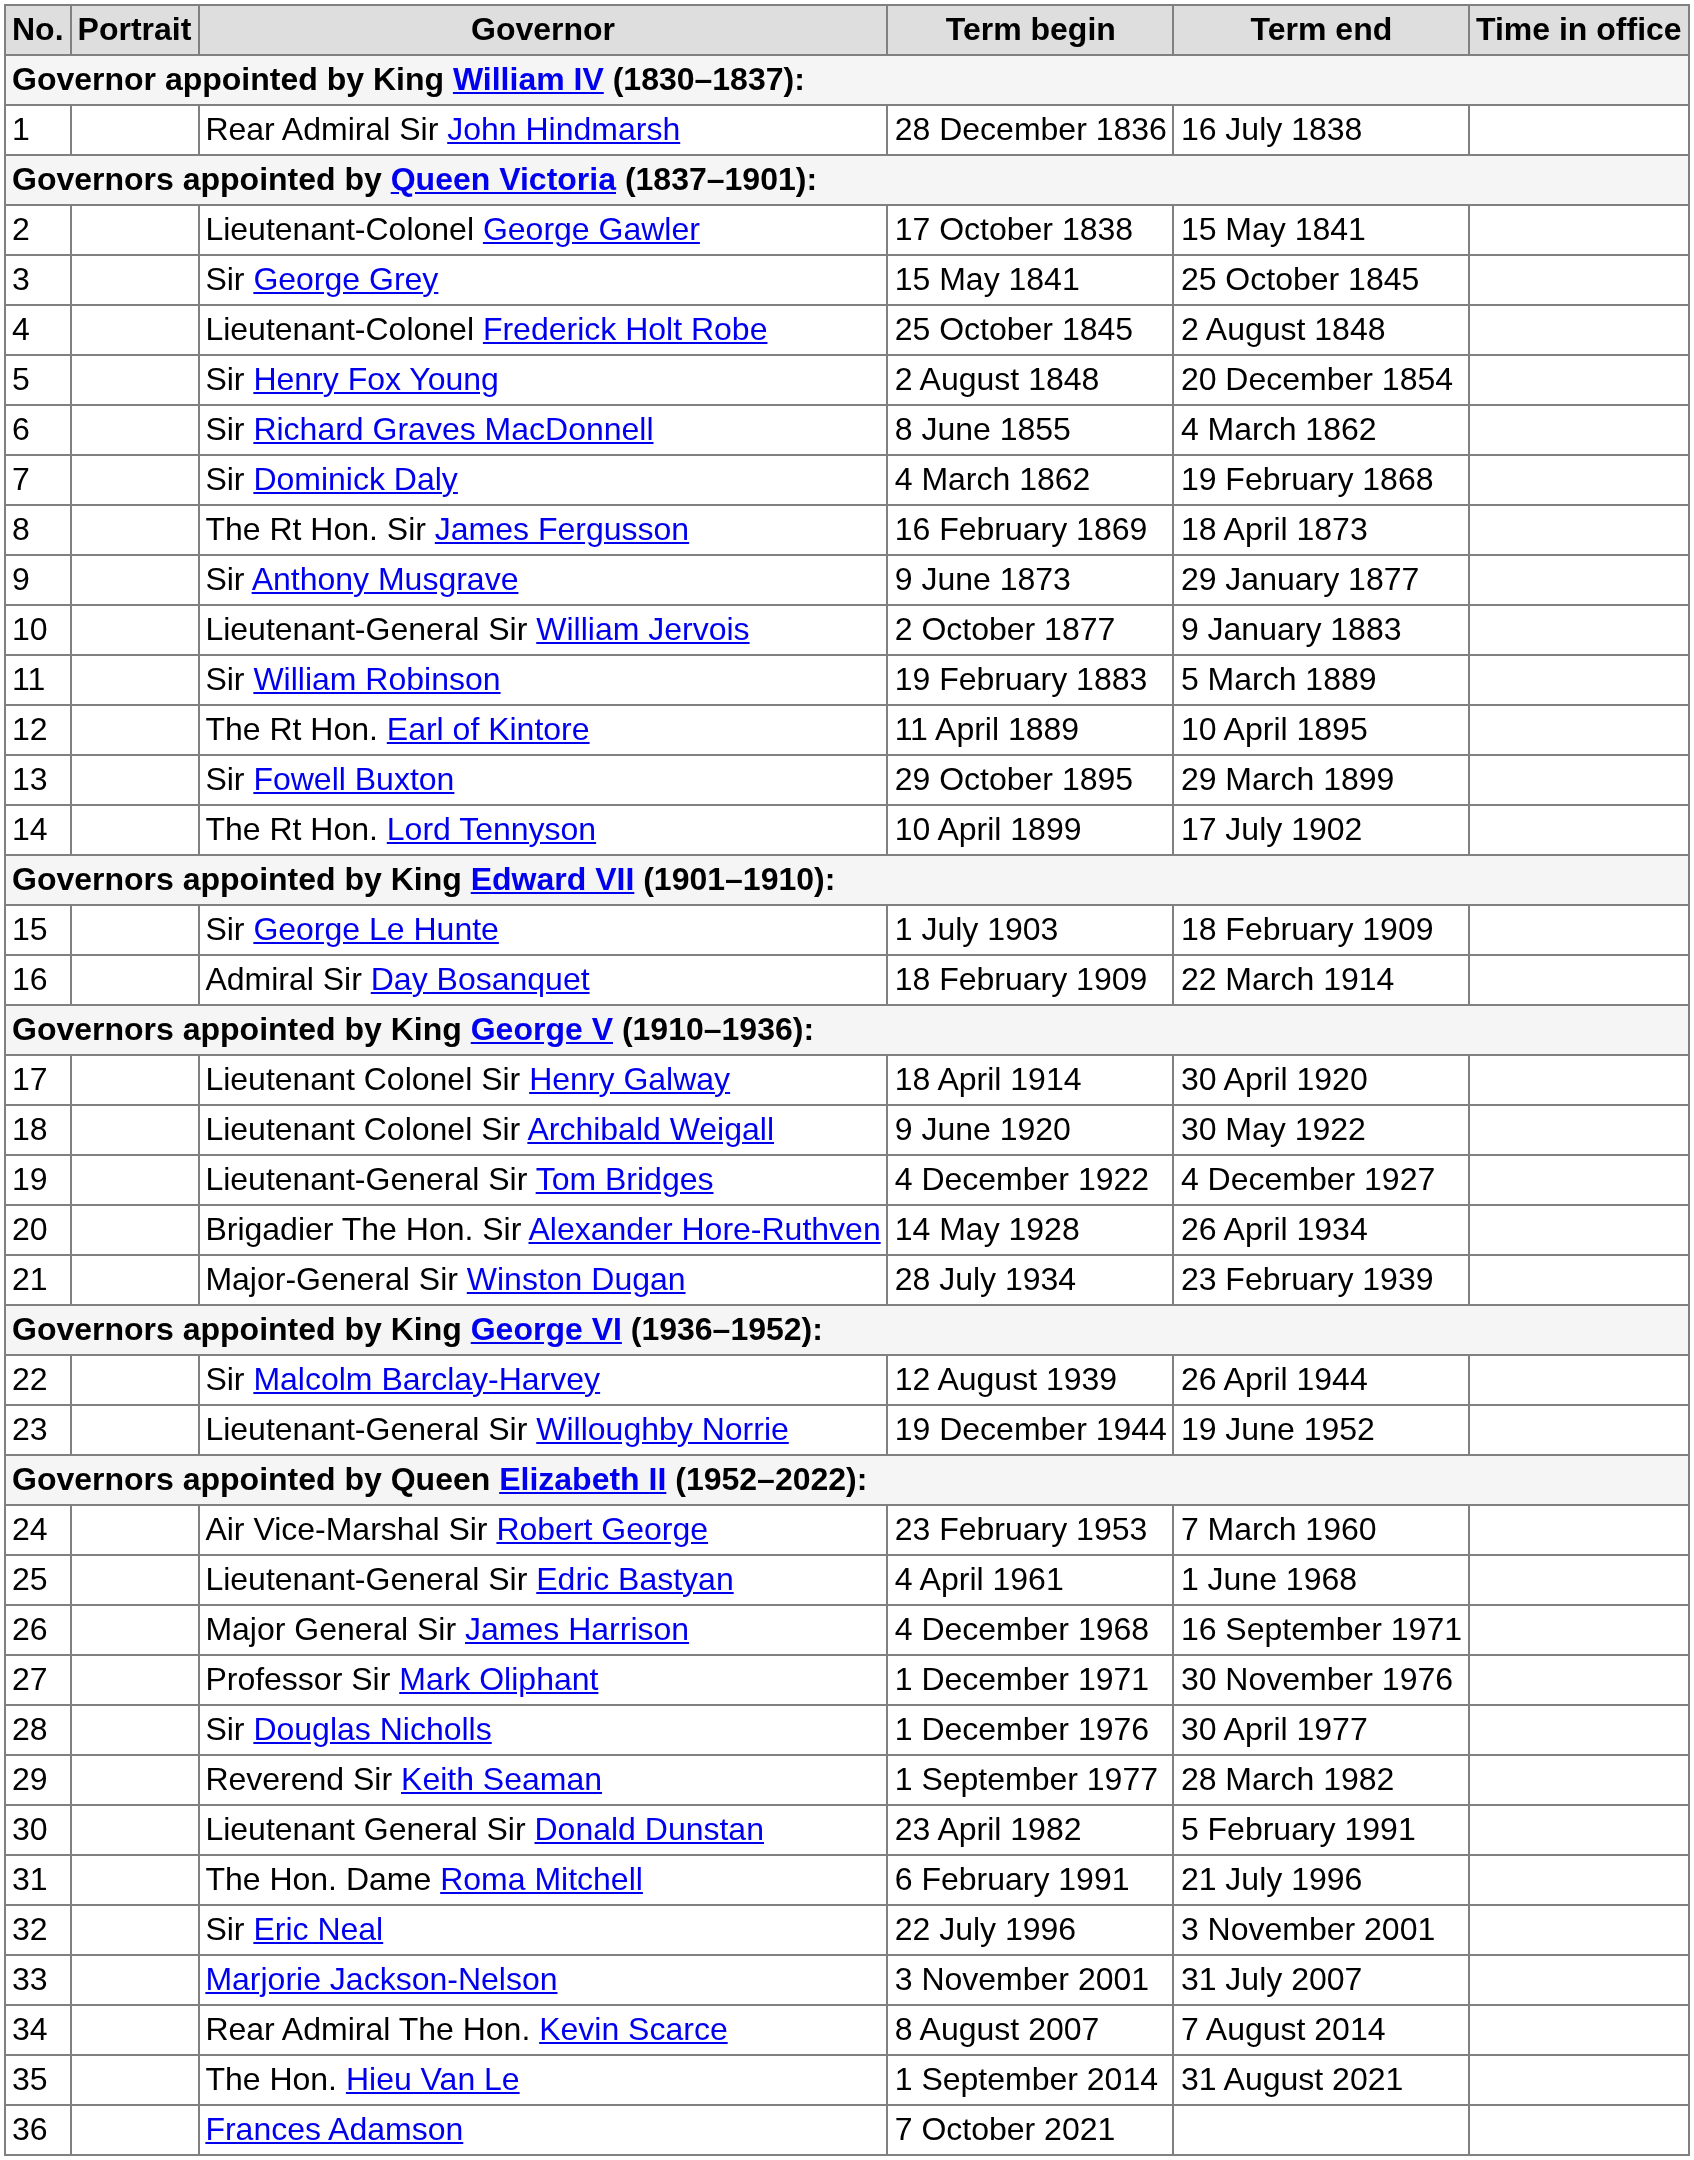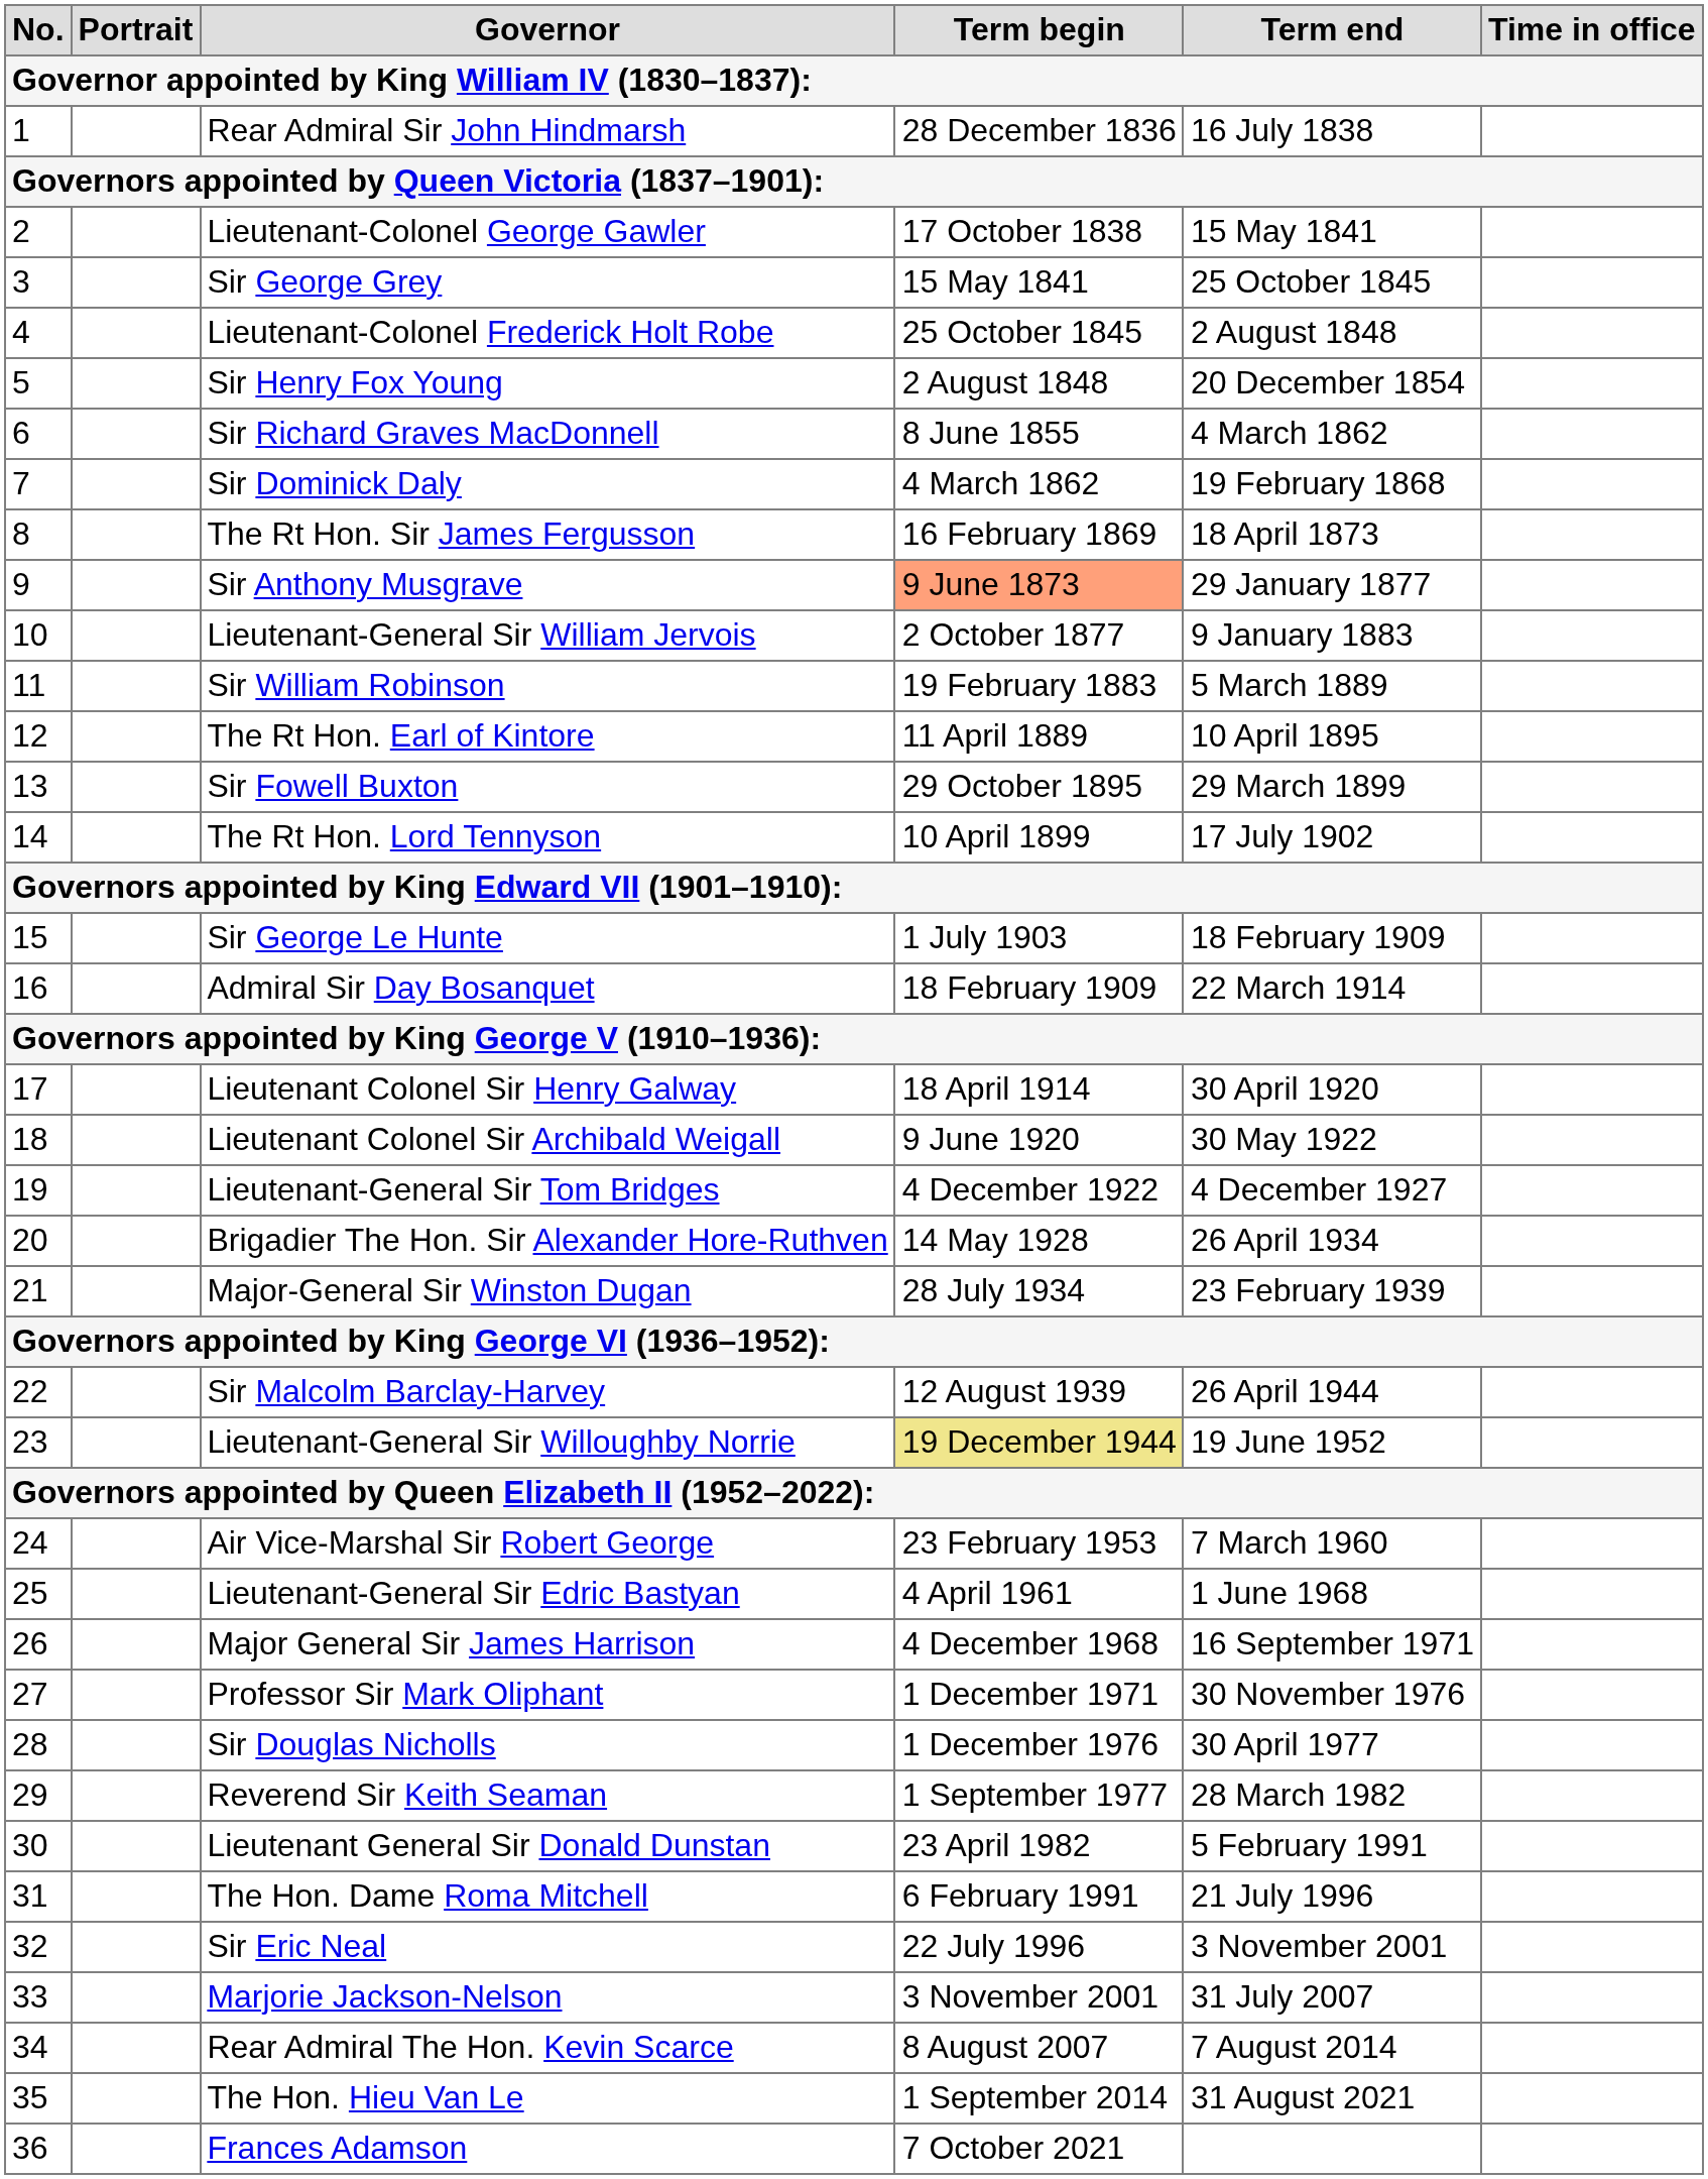 <table border="1" cellpadding="3" style="border-collapse:collapse;">
 <tr bgcolor=#dedede>
 <th>No.</th>
 <th>Portrait</th>
 <th>Governor</th>
 <th>Term begin</th>
 <th>Term end</th>
 <th>Time in office</th>
 </tr>
 <tr bgcolor="#F5F5F5">
 <th colspan="9" align="left"><span>Governor appointed by King <a href='#'>William IV</a> (1830–1837):</span></th>
 </tr>
 <tr>
 <td>1</td>
 <td></td>
 <td>Rear Admiral Sir <a href='#'>John Hindmarsh</a> </td>
 <td>28 December 1836</td>
 <td>16 July 1838</td>
 <td></td>
 </tr>
 <tr>
 </tr>
 <tr bgcolor="#F5F5F5">
 <th colspan="9" align="left"><span>Governors appointed by <a href='#'>Queen Victoria</a> (1837–1901):</span></th>
 </tr>
 <tr>
 <td>2</td>
 <td></td>
 <td>Lieutenant-Colonel <a href='#'>George Gawler</a> </td>
 <td>17 October 1838</td>
 <td>15 May 1841</td>
 <td></td>
 </tr>
 <tr>
 <td>3</td>
 <td></td>
 <td>Sir <a href='#'>George Grey</a> </td>
 <td>15 May 1841</td>
 <td>25 October 1845</td>
 <td></td>
 </tr>
 <tr>
 <td>4</td>
 <td></td>
 <td>Lieutenant-Colonel <a href='#'>Frederick Holt Robe</a></td>
 <td>25 October 1845</td>
 <td>2 August 1848</td>
 <td></td>
 </tr>
 <tr>
 <td>5</td>
 <td></td>
 <td>Sir <a href='#'>Henry Fox Young</a> </td>
 <td>2 August 1848</td>
 <td>20 December 1854</td>
 <td></td>
 </tr>
 <tr>
 <td>6</td>
 <td></td>
 <td>Sir <a href='#'>Richard Graves MacDonnell</a> </td>
 <td>8 June 1855</td>
 <td>4 March 1862</td>
 <td></td>
 </tr>
 <tr>
 <td>7</td>
 <td></td>
 <td>Sir <a href='#'>Dominick Daly</a></td>
 <td>4 March 1862</td>
 <td>19 February 1868</td>
 <td></td>
 </tr>
 <tr>
 <td>8</td>
 <td></td>
 <td>The Rt Hon. Sir <a href='#'>James Fergusson</a>  </td>
 <td>16 February 1869</td>
 <td>18 April 1873</td>
 <td></td>
 </tr>
 <tr>
 <td>9</td>
 <td></td>
 <td>Sir <a href='#'>Anthony Musgrave</a> </td>
-<td>9 June 1873</td>
+<td style="background: lightsalmon;">9 June 1873</td>
 <td>29 January 1877</td>
 <td></td>
 </tr>
 <tr>
 <td>10</td>
 <td></td>
 <td>Lieutenant-General Sir <a href='#'>William Jervois</a> </td>
 <td>2 October 1877</td>
 <td>9 January 1883</td>
 <td></td>
 </tr>
 <tr>
 <td>11</td>
 <td></td>
 <td>Sir <a href='#'>William Robinson</a> </td>
 <td>19 February 1883</td>
 <td>5 March 1889</td>
 <td></td>
 </tr>
 <tr>
 <td>12</td>
 <td></td>
 <td>The Rt Hon. <a href='#'>Earl of Kintore</a> </td>
 <td>11 April 1889</td>
 <td>10 April 1895</td>
 <td></td>
 </tr>
 <tr>
 <td>13</td>
 <td></td>
 <td>Sir <a href='#'>Fowell Buxton</a> </td>
 <td>29 October 1895</td>
 <td>29 March 1899</td>
 <td></td>
 </tr>
 <tr>
 <td>14</td>
 <td></td>
 <td>The Rt Hon. <a href='#'>Lord Tennyson</a> </td>
 <td>10 April 1899</td>
 <td>17 July 1902</td>
 <td></td>
 </tr>
 <tr>
 </tr>
 <tr bgcolor="#F5F5F5">
 <th colspan="9" align="left"><span>Governors appointed by King <a href='#'>Edward VII</a> (1901–1910):</span></th>
 </tr>
 <tr>
 <td>15</td>
 <td></td>
 <td>Sir <a href='#'>George Le Hunte</a> </td>
 <td>1 July 1903</td>
 <td>18 February 1909</td>
 <td></td>
 </tr>
 <tr>
 <td>16</td>
 <td></td>
 <td>Admiral Sir <a href='#'>Day Bosanquet</a> </td>
 <td>18 February 1909</td>
 <td>22 March 1914</td>
 <td></td>
 </tr>
 <tr>
 </tr>
 <tr bgcolor="#F5F5F5">
 <th colspan="9" align="left"><span>Governors appointed by King <a href='#'>George V</a> (1910–1936):</span></th>
 </tr>
 <tr>
 <td>17</td>
 <td></td>
 <td>Lieutenant Colonel Sir <a href='#'>Henry Galway</a> </td>
 <td>18 April 1914</td>
 <td>30 April 1920</td>
 <td></td>
 </tr>
 <tr>
 <td>18</td>
 <td></td>
 <td>Lieutenant Colonel Sir <a href='#'>Archibald Weigall</a> </td>
 <td>9 June 1920</td>
 <td>30 May 1922</td>
 <td></td>
 </tr>
 <tr>
 <td>19</td>
 <td></td>
 <td>Lieutenant-General Sir <a href='#'>Tom Bridges</a> </td>
 <td>4 December 1922</td>
 <td>4 December 1927</td>
 <td></td>
 </tr>
 <tr>
 <td>20</td>
 <td></td>
 <td>Brigadier The Hon. Sir <a href='#'>Alexander Hore-Ruthven</a> </td>
 <td>14 May 1928</td>
 <td>26 April 1934</td>
 <td></td>
 </tr>
 <tr>
 <td>21</td>
 <td></td>
 <td>Major-General Sir <a href='#'>Winston Dugan</a> </td>
 <td>28 July 1934</td>
 <td>23 February 1939</td>
 <td></td>
 </tr>
 <tr>
 </tr>
 <tr bgcolor="#F5F5F5">
 <th colspan="9" align="left"><span>Governors appointed by King <a href='#'>George VI</a> (1936–1952):</span></th>
 </tr>
 <tr>
 <td>22</td>
 <td></td>
 <td>Sir <a href='#'>Malcolm Barclay-Harvey</a> </td>
 <td>12 August 1939</td>
 <td>26 April 1944</td>
 <td></td>
 </tr>
 <tr>
 <td>23</td>
 <td></td>
 <td>Lieutenant-General Sir <a href='#'>Willoughby Norrie</a> </td>
-<td>19 December 1944</td>
+<td style="background: khaki;">19 December 1944</td>
 <td>19 June 1952</td>
 <td></td>
 </tr>
 <tr>
 </tr>
 <tr bgcolor="#F5F5F5">
 <th colspan="9" align="left"><span>Governors appointed by Queen <a href='#'>Elizabeth II</a> (1952–2022):</span></th>
 </tr>
 <tr>
 <td>24</td>
 <td></td>
 <td>Air Vice-Marshal  Sir <a href='#'>Robert George</a> </td>
 <td>23 February 1953</td>
 <td>7 March 1960</td>
 <td></td>
 </tr>
 <tr>
 <td>25</td>
 <td></td>
 <td>Lieutenant-General Sir <a href='#'>Edric Bastyan</a> </td>
 <td>4 April 1961</td>
 <td>1 June 1968</td>
 <td></td>
 </tr>
 <tr>
 <td>26</td>
 <td></td>
 <td>Major General Sir <a href='#'>James Harrison</a> </td>
 <td>4 December 1968</td>
 <td>16 September 1971</td>
 <td></td>
 </tr>
 <tr>
 <td>27</td>
 <td></td>
 <td>Professor Sir <a href='#'>Mark Oliphant</a> </td>
 <td>1 December 1971</td>
 <td>30 November 1976</td>
 <td></td>
 </tr>
 <tr>
 <td>28</td>
 <td></td>
 <td>Sir <a href='#'>Douglas Nicholls</a> </td>
 <td>1 December 1976</td>
 <td>30 April 1977</td>
 <td></td>
 </tr>
 <tr>
 <td>29</td>
 <td></td>
 <td>Reverend Sir <a href='#'>Keith Seaman</a> </td>
 <td>1 September 1977</td>
 <td>28 March 1982</td>
 <td></td>
 </tr>
 <tr>
 <td>30</td>
 <td></td>
 <td>Lieutenant General Sir <a href='#'>Donald Dunstan</a> </td>
 <td>23 April 1982</td>
 <td>5 February 1991</td>
 <td><strong></strong></td>
 </tr>
 <tr>
 <td>31</td>
 <td></td>
 <td>The Hon. Dame <a href='#'>Roma Mitchell</a> </td>
 <td>6 February 1991</td>
 <td>21 July 1996</td>
 <td></td>
 </tr>
 <tr>
 <td>32</td>
 <td></td>
 <td>Sir <a href='#'>Eric Neal</a> </td>
 <td>22 July 1996</td>
 <td>3 November 2001</td>
 <td></td>
 </tr>
 <tr>
 <td>33</td>
 <td></td>
 <td><a href='#'>Marjorie Jackson-Nelson</a> </td>
 <td>3 November 2001</td>
 <td>31 July 2007</td>
 <td></td>
 </tr>
 <tr>
 <td>34</td>
 <td></td>
 <td>Rear Admiral The Hon. <a href='#'>Kevin Scarce</a> </td>
 <td>8 August 2007</td>
 <td>7 August 2014</td>
 <td></td>
 </tr>
 <tr>
 <td>35</td>
 <td></td>
 <td>The Hon. <a href='#'>Hieu Van Le</a> </td>
 <td>1 September 2014</td>
 <td>31 August 2021</td>
 <td></td>
 </tr>
 <tr>
 <td>36</td>
 <td></td>
 <td><a href='#'>Frances Adamson</a> </td>
 <td>7 October 2021</td>
 <td></td>
 <td></td>
 </tr>
 </table>
